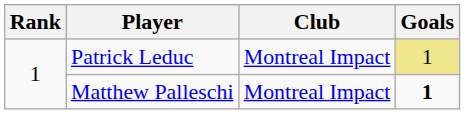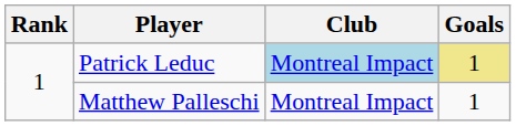 <table class="wikitable">
 <tr>
 <th>Rank</th>
 <th>Player</th>
 <th>Club</th>
 <th>Goals</th>
 </tr>
 <tr>
 <td rowspan="2" align=center>1</td>
 <td> <a href='#'>Patrick Leduc</a></td>
-<td><a href='#'>Montreal Impact</a></td>
+<td style="background: lightblue;"><a href='#'>Montreal Impact</a></td>
 <td align=center style="background: khaki;">1</td>
 </tr>
 <tr>
 <td> <a href='#'>Matthew Palleschi</a></td>
 <td><a href='#'>Montreal Impact</a></td>
-<td align=center><strong>1</strong></td>
+<td align=center>1</td>
 </tr>
 </table>
